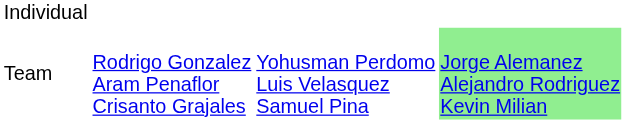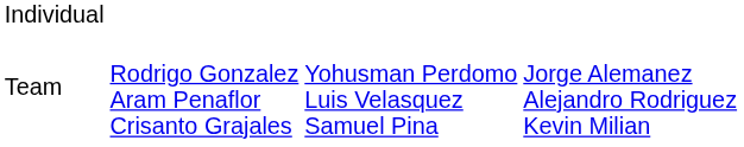 <table>
 <tr>
 <td>Individual</td>
 <td></td>
 <td></td>
 <td></td>
 </tr>
 <tr>
 <td>Team</td>
 <td><br><a href='#'>Rodrigo Gonzalez</a><br><a href='#'>Aram Penaflor</a><br><a href='#'>Crisanto Grajales</a></td>
 <td><br><a href='#'>Yohusman Perdomo</a><br><a href='#'>Luis Velasquez</a><br><a href='#'>Samuel Pina</a></td>
-<td style="background: lightgreen;"><br><a href='#'>Jorge Alemanez</a><br><a href='#'>Alejandro Rodriguez</a><br><a href='#'>Kevin Milian</a></td>
+<td><br><a href='#'>Jorge Alemanez</a><br><a href='#'>Alejandro Rodriguez</a><br><a href='#'>Kevin Milian</a></td>
 </tr>
 </table>
